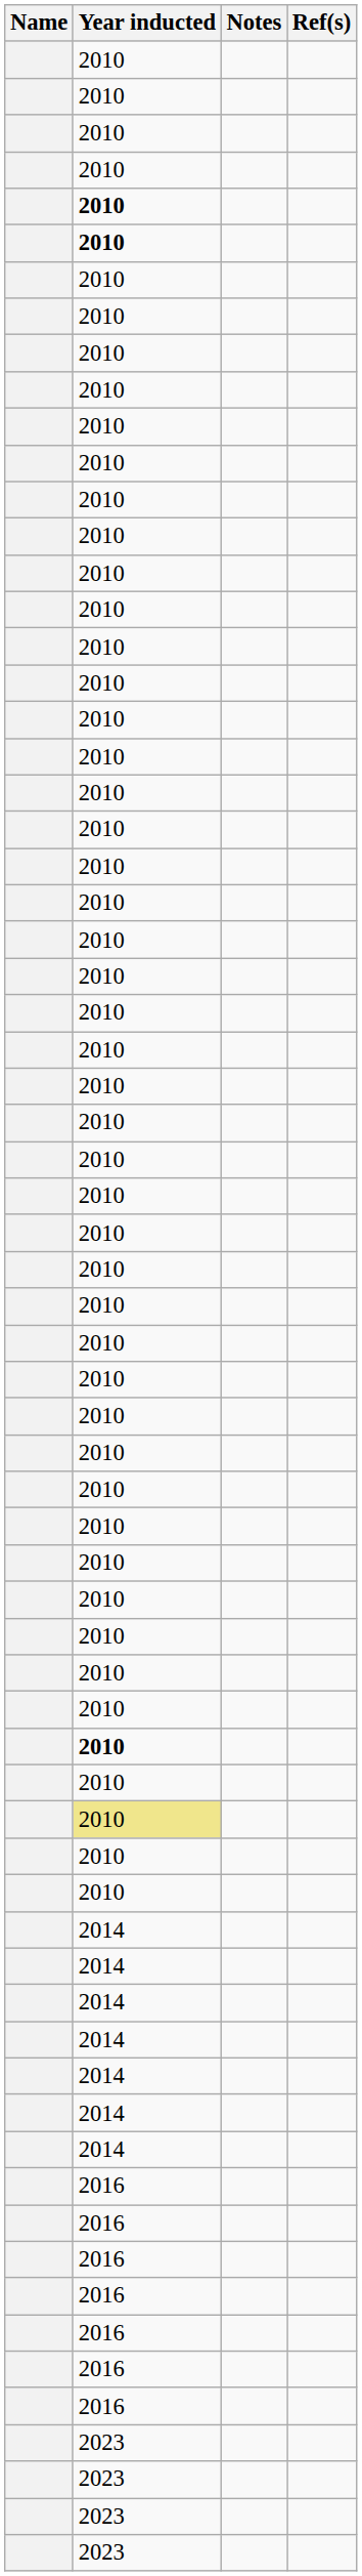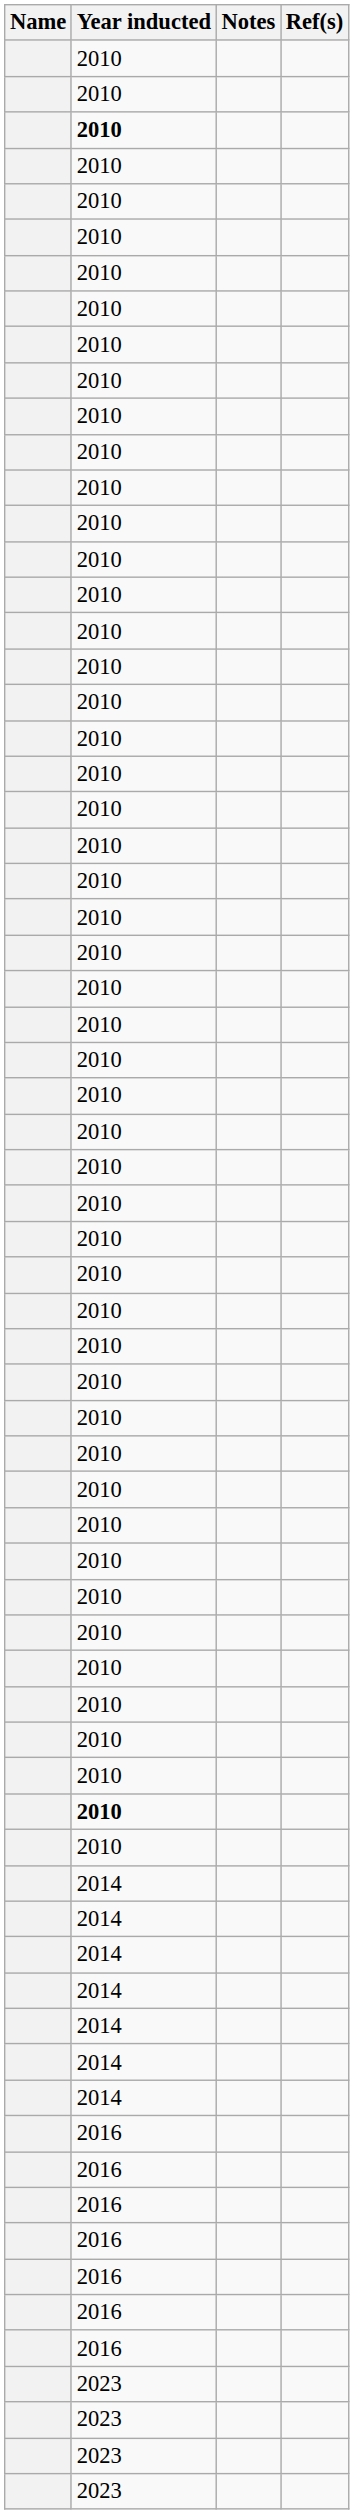 <table class="sortable wikitable plainrowheaders">
 <tr>
 <th scope="col">Name</th>
 <th scope="col">Year inducted</th>
 <th scope="col" class="unsortable">Notes</th>
 <th scope="col" class="unsortable">Ref(s)</th>
+</tr>
+<tr>
+<th scope="row"></th>
+<td>2010</td>
+<td></td>
+<td></td>
+</tr>
+<tr>
+<th scope="row"></th>
+<td>2010</td>
+<td></td>
+<td></td>
+</tr>
+<tr>
+<th scope="row"></th>
+<td><strong>2010</strong></td>
+<td></td>
+<td></td>
 </tr>
 <tr>
 <th scope="row"></th>
 <td>2010</td>
 <td></td>
 <td></td>
 </tr>
 <tr>
 <th scope="row"></th>
 <td>2010</td>
 <td></td>
 <td></td>
 </tr>
 <tr>
 <th scope="row"></th>
 <td>2010</td>
 <td></td>
 <td></td>
 </tr>
 <tr>
 <th scope="row"></th>
 <td>2010</td>
 <td></td>
 <td></td>
 </tr>
 <tr>
 <th scope="row"></th>
-<td><strong>2010</strong></td>
+<td>2010</td>
 <td></td>
 <td></td>
 </tr>
 <tr>
 <th scope="row"></th>
-<td><strong>2010</strong></td>
+<td>2010</td>
 <td></td>
 <td></td>
 </tr>
 <tr>
 <th scope="row"></th>
 <td>2010</td>
 <td></td>
 <td></td>
 </tr>
 <tr>
 <th scope="row"></th>
 <td>2010</td>
 <td></td>
 <td></td>
 </tr>
 <tr>
 <th scope="row"></th>
 <td>2010</td>
 <td></td>
 <td></td>
 </tr>
 <tr>
 <th scope="row"></th>
 <td>2010</td>
 <td></td>
 <td></td>
 </tr>
 <tr>
 <th scope="row"></th>
 <td>2010</td>
 <td></td>
 <td></td>
 </tr>
 <tr>
 <th scope="row"></th>
 <td>2010</td>
 <td></td>
 <td></td>
 </tr>
 <tr>
 <th scope="row"></th>
 <td>2010</td>
 <td></td>
 <td></td>
 </tr>
 <tr>
 <th scope="row"></th>
 <td>2010</td>
 <td></td>
 <td></td>
 </tr>
 <tr>
 <th scope="row"></th>
 <td>2010</td>
 <td></td>
 <td></td>
 </tr>
 <tr>
 <th scope="row"></th>
 <td>2010</td>
 <td></td>
 <td></td>
 </tr>
 <tr>
 <th scope="row"></th>
 <td>2010</td>
 <td></td>
 <td></td>
 </tr>
 <tr>
 <th scope="row"></th>
 <td>2010</td>
 <td></td>
 <td></td>
 </tr>
 <tr>
 <th scope="row"></th>
 <td>2010</td>
 <td></td>
 <td></td>
 </tr>
 <tr>
 <th scope="row"></th>
 <td>2010</td>
 <td></td>
 <td></td>
 </tr>
 <tr>
 <th scope="row"></th>
 <td>2010</td>
 <td></td>
 <td></td>
 </tr>
 <tr>
 <th scope="row"></th>
 <td>2010</td>
 <td></td>
 <td></td>
 </tr>
 <tr>
 <th scope="row"></th>
 <td>2010</td>
 <td></td>
 <td></td>
 </tr>
 <tr>
 <th scope="row"></th>
 <td>2010</td>
 <td></td>
 <td></td>
 </tr>
 <tr>
 <th scope="row"></th>
 <td>2010</td>
 <td></td>
 <td></td>
 </tr>
 <tr>
 <th scope="row"></th>
 <td>2010</td>
 <td></td>
 <td></td>
 </tr>
 <tr>
 <th scope="row"></th>
 <td>2010</td>
 <td></td>
 <td></td>
 </tr>
 <tr>
 <th scope="row"></th>
 <td>2010</td>
 <td></td>
 <td></td>
 </tr>
 <tr>
 <th scope="row"></th>
 <td>2010</td>
 <td></td>
 <td></td>
 </tr>
 <tr>
 <th scope="row"></th>
 <td>2010</td>
 <td></td>
 <td></td>
 </tr>
 <tr>
 <th scope="row"></th>
 <td>2010</td>
 <td></td>
 <td></td>
 </tr>
 <tr>
 <th scope="row"></th>
 <td>2010</td>
 <td></td>
 <td></td>
 </tr>
 <tr>
 <th scope="row"></th>
 <td>2010</td>
 <td></td>
 <td></td>
 </tr>
 <tr>
 <th scope="row"></th>
 <td>2010</td>
 <td></td>
 <td></td>
 </tr>
 <tr>
 <th scope="row"></th>
 <td>2010</td>
 <td></td>
 <td></td>
 </tr>
 <tr>
 <th scope="row"></th>
 <td>2010</td>
 <td></td>
 <td></td>
 </tr>
 <tr>
 <th scope="row"></th>
 <td>2010</td>
 <td></td>
 <td></td>
 </tr>
 <tr>
 <th scope="row"></th>
 <td>2010</td>
 <td></td>
 <td></td>
 </tr>
 <tr>
 <th scope="row"></th>
 <td>2010</td>
 <td></td>
 <td></td>
 </tr>
 <tr>
 <th scope="row"></th>
 <td>2010</td>
 <td></td>
 <td></td>
 </tr>
 <tr>
 <th scope="row"></th>
 <td>2010</td>
 <td></td>
 <td></td>
 </tr>
 <tr>
 <th scope="row"></th>
 <td>2010</td>
 <td></td>
 <td></td>
 </tr>
 <tr>
 <th scope="row"></th>
 <td>2010</td>
 <td></td>
 <td></td>
 </tr>
 <tr>
 <th scope="row"></th>
 <td>2010</td>
 <td></td>
 <td></td>
 </tr>
 <tr>
 <th scope="row"></th>
 <td>2010</td>
 <td></td>
 <td></td>
 </tr>
 <tr>
 <th scope="row"></th>
 <td>2010</td>
 <td></td>
 <td></td>
 </tr>
 <tr>
 <th scope="row"></th>
 <td><strong>2010</strong></td>
 <td></td>
 <td></td>
 </tr>
 <tr>
 <th scope="row"></th>
 <td>2010</td>
 <td></td>
 <td></td>
 </tr>
 <tr>
 <th scope="row"></th>
-<td style="background: khaki;">2010</td>
-<td></td>
-<td></td>
-</tr>
-<tr>
-<th scope="row"></th>
-<td>2010</td>
-<td></td>
-<td></td>
-</tr>
-<tr>
-<th scope="row"></th>
-<td>2010</td>
-<td></td>
-<td></td>
-</tr>
-<tr>
-<th scope="row"></th>
 <td>2014</td>
 <td></td>
 <td></td>
 </tr>
 <tr>
 <th scope="row"></th>
 <td>2014</td>
 <td></td>
 <td></td>
 </tr>
 <tr>
 <th scope="row"></th>
 <td>2014</td>
 <td></td>
 <td></td>
 </tr>
 <tr>
 <th scope="row"></th>
 <td>2014</td>
 <td></td>
 <td></td>
 </tr>
 <tr>
 <th scope="row"></th>
 <td>2014</td>
 <td></td>
 <td></td>
 </tr>
 <tr>
 <th scope="row"></th>
 <td>2014</td>
 <td></td>
 <td></td>
 </tr>
 <tr>
 <th scope="row"></th>
 <td>2014</td>
 <td></td>
 <td></td>
 </tr>
 <tr>
 <th scope="row"></th>
 <td>2016</td>
 <td></td>
 <td></td>
 </tr>
 <tr>
 <th scope="row"></th>
 <td>2016</td>
 <td></td>
 <td></td>
 </tr>
 <tr>
 <th scope="row"></th>
 <td>2016</td>
 <td></td>
 <td></td>
 </tr>
 <tr>
 <th scope="row"></th>
 <td>2016</td>
 <td></td>
 <td></td>
 </tr>
 <tr>
 <th scope="row"></th>
 <td>2016</td>
 <td></td>
 <td></td>
 </tr>
 <tr>
 <th scope="row"></th>
 <td>2016</td>
 <td></td>
 <td></td>
 </tr>
 <tr>
 <th scope="row"></th>
 <td>2016</td>
 <td></td>
 <td></td>
 </tr>
 <tr>
 <th scope="row"></th>
 <td>2023</td>
 <td></td>
 <td></td>
 </tr>
 <tr>
 <th scope="row"></th>
 <td>2023</td>
 <td></td>
 <td></td>
 </tr>
 <tr>
 <th scope="row"></th>
 <td>2023</td>
 <td></td>
 <td></td>
 </tr>
 <tr>
 <th scope="row"></th>
 <td>2023</td>
 <td></td>
 <td></td>
 </tr>
 </table>
